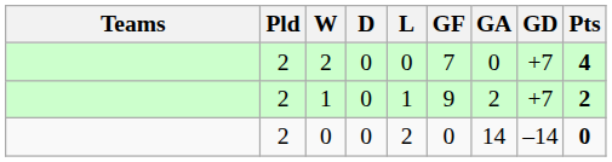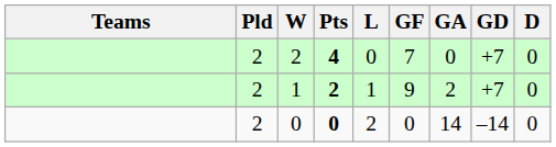 <table class="wikitable" style="text-align: center;">
 <tr>
 <th width=165>Teams</th>
 <th width=20>Pld</th>
 <th width=20>W</th>
-<th width=20>D</th>
+<th width=20>Pts</th>
 <th width=20>L</th>
 <th width=20>GF</th>
 <th width=20>GA</th>
 <th width=20>GD</th>
-<th width=20>Pts</th>
+<th width=20>D</th>
 </tr>
 <tr align=center style="background:#ccffcc;">
 <td style="text-align:left;"></td>
 <td>2</td>
 <td>2</td>
-<td>0</td>
+<td><strong>4</strong></td>
 <td>0</td>
 <td>7</td>
 <td>0</td>
 <td>+7</td>
-<td><strong>4</strong></td>
+<td>0</td>
 </tr>
 <tr align=center style="background:#ccffcc;">
 <td style="text-align:left;"></td>
 <td>2</td>
 <td>1</td>
-<td>0</td>
+<td><strong>2</strong></td>
 <td>1</td>
 <td>9</td>
 <td>2</td>
 <td>+7</td>
-<td><strong>2</strong></td>
+<td>0</td>
 </tr>
 <tr align=center>
 <td style="text-align:left;"></td>
 <td>2</td>
 <td>0</td>
-<td>0</td>
+<td><strong>0</strong></td>
 <td>2</td>
 <td>0</td>
 <td>14</td>
 <td>–14</td>
-<td><strong>0</strong></td>
+<td>0</td>
 </tr>
 </table>
